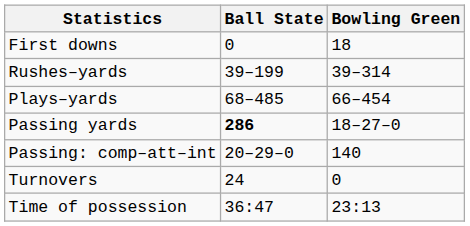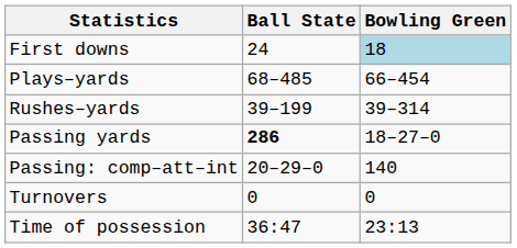 <table class="wikitable" style="float:left">
 <tr>
 <th>Statistics</th>
 <th>Ball State</th>
 <th>Bowling Green</th>
 </tr>
 <tr>
 <td>First downs</td>
-<td>0</td>
-<td>18</td>
+<td>24</td>
+<td style="background: lightblue;">18</td>
+</tr>
+<tr>
+<td>Plays–yards</td>
+<td>68–485</td>
+<td>66–454</td>
 </tr>
 <tr>
 <td>Rushes–yards</td>
 <td>39–199</td>
 <td>39–314</td>
-</tr>
-<tr>
-<td>Plays–yards</td>
-<td>68–485</td>
-<td>66–454</td>
 </tr>
 <tr>
 <td>Passing yards</td>
 <td><strong>286</strong></td>
 <td>18–27–0</td>
 </tr>
 <tr>
 <td>Passing: comp–att–int</td>
 <td>20–29–0</td>
 <td>140</td>
 </tr>
 <tr>
 <td>Turnovers</td>
-<td>24</td>
+<td>0</td>
 <td>0</td>
 </tr>
 <tr>
 <td>Time of possession</td>
 <td>36:47</td>
 <td>23:13</td>
 </tr>
 </table>
